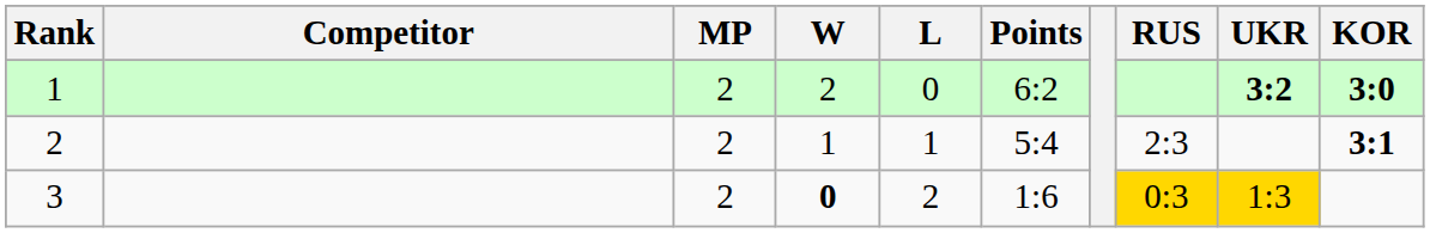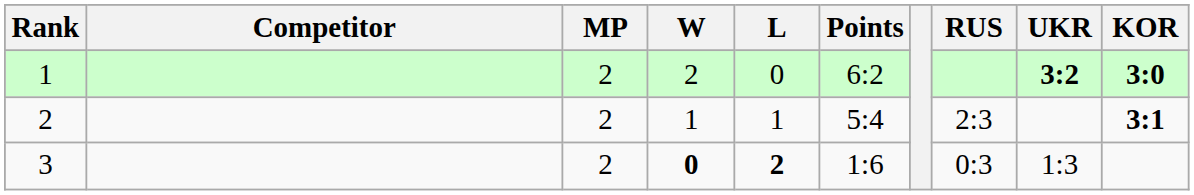 <table class="wikitable" style="text-align:center">
 <tr>
 <th>Rank</th>
 <th style="width:16em">Competitor</th>
 <th style="width:2.5em">MP</th>
 <th style="width:2.5em">W</th>
 <th style="width:2.5em">L</th>
 <th>Points</th>
 <th rowspan="4"> </th>
 <th style="width:2.5em">RUS</th>
 <th style="width:2.5em">UKR</th>
 <th style="width:2.5em">KOR</th>
 </tr>
 <tr style="background:#cfc;">
 <td>1</td>
 <td style="text-align:left"></td>
 <td>2</td>
 <td>2</td>
 <td>0</td>
 <td>6:2</td>
 <td></td>
 <td><strong>3:2</strong></td>
 <td><strong>3:0</strong></td>
 </tr>
 <tr>
 <td>2</td>
 <td style="text-align:left"></td>
 <td>2</td>
 <td>1</td>
 <td>1</td>
 <td>5:4</td>
 <td>2:3</td>
 <td></td>
 <td><strong>3:1</strong></td>
 </tr>
 <tr>
 <td>3</td>
 <td style="text-align:left"></td>
 <td>2</td>
 <td><strong>0</strong></td>
-<td>2</td>
+<td><strong>2</strong></td>
 <td>1:6</td>
-<td style="background: gold;">0:3</td>
-<td style="background: gold;">1:3</td>
+<td>0:3</td>
+<td>1:3</td>
 <td></td>
 </tr>
 </table>
